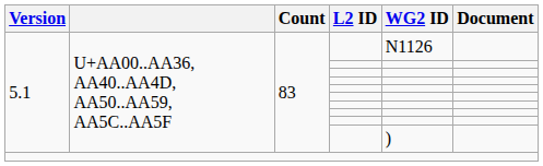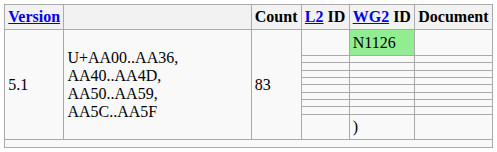 <table class="wikitable sticky-header">
 <tr>
 <th><a href='#'>Version</a></th>
 <th></th>
 <th>Count</th>
 <th><a href='#'>L2</a> ID</th>
 <th><a href='#'>WG2</a> ID</th>
 <th>Document</th>
 </tr>
 <tr>
 <td rowspan="10">5.1</td>
 <td rowspan="10" width="180">U+AA00..AA36, AA40..AA4D, AA50..AA59, AA5C..AA5F</td>
 <td rowspan="10">83</td>
 <td></td>
-<td>N1126</td>
+<td style="background: lightgreen;">N1126</td>
 <td></td>
 </tr>
 <tr>
 <td></td>
 <td></td>
 <td></td>
 </tr>
 <tr>
 <td></td>
 <td></td>
 <td></td>
 </tr>
 <tr>
 <td></td>
 <td></td>
 <td></td>
 </tr>
 <tr>
 <td></td>
 <td></td>
 <td></td>
 </tr>
 <tr>
 <td></td>
 <td></td>
 <td></td>
 </tr>
 <tr>
 <td></td>
 <td></td>
 <td></td>
 </tr>
 <tr>
 <td></td>
 <td></td>
 <td></td>
 </tr>
 <tr>
 <td></td>
 <td></td>
 <td></td>
 </tr>
 <tr>
 <td></td>
 <td> )</td>
 <td></td>
 </tr>
 <tr class="sortbottom">
 <td colspan="6"></td>
 </tr>
 </table>
